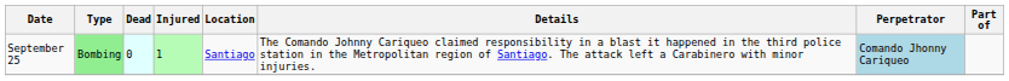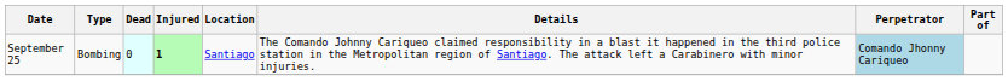 <table class="wikitable" border="1">
 <tr>
 <th>Date</th>
 <th>Type</th>
 <th data-sort-type="number">Dead</th>
 <th data-sort-type="number">Injured</th>
 <th>Location</th>
 <th class="unsortable">Details</th>
 <th>Perpetrator</th>
 <th>Part of<br></th>
 </tr>
 <tr>
 <td>September 25</td>
-<td style="background: lightgreen;">Bombing</td>
+<td>Bombing</td>
 <td style="background:#E0FFFF;text-align:left">0</td>
-<td style="background:#B6FCB6;text-align:left">1</td>
+<td style="background:#B6FCB6;text-align:left"><strong>1</strong></td>
 <td><a href='#'>Santiago</a></td>
 <td>The Comando Johnny Cariqueo claimed responsibility in a blast it happened in the third police station in the Metropolitan region of <a href='#'>Santiago</a>. The attack left a Carabinero with minor injuries.</td>
 <td style="background: lightblue;">Comando Jhonny Cariqueo</td>
 <td></td>
 </tr>
 <tr>
 </tr>
 </table>
